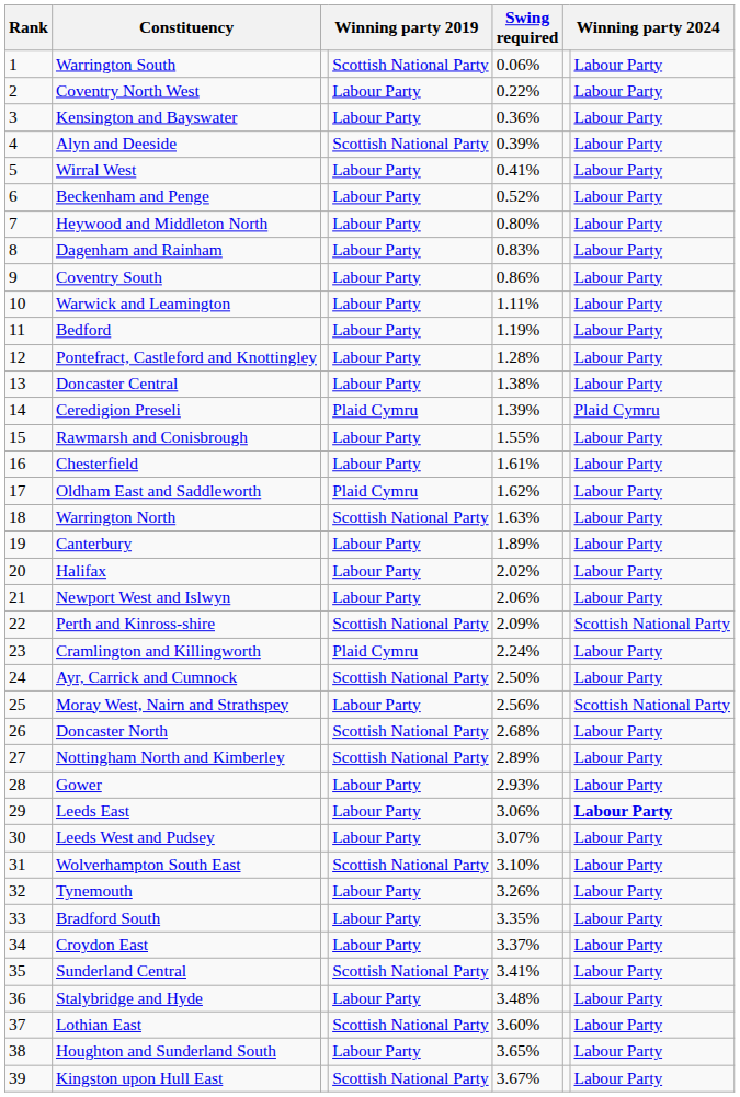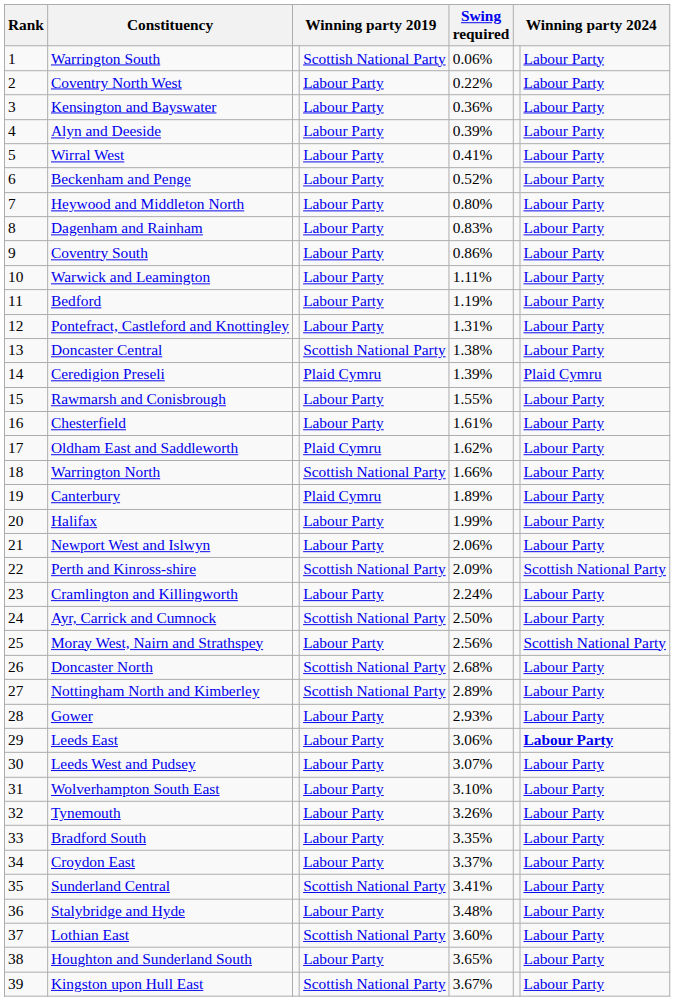 <table class="wikitable sortable">
 <tr>
 <th>Rank</th>
 <th>Constituency</th>
 <th colspan="2">Winning party 2019</th>
 <th><a href='#'>Swing</a> <br>required</th>
 <th colspan="2">Winning party 2024</th>
 </tr>
 <tr>
 <td>1</td>
 <td><a href='#'>Warrington South</a></td>
 <td class="unsortable" style="background-color: "></td>
 <td><a href='#'>Scottish National Party</a></td>
 <td>0.06%</td>
 <td class="unsortable" style="background-color: "></td>
 <td><a href='#'>Labour Party</a></td>
 </tr>
 <tr>
 <td>2</td>
 <td><a href='#'>Coventry North West</a></td>
 <td class="unsortable" style="background-color: "></td>
 <td><a href='#'>Labour Party</a></td>
 <td>0.22%</td>
 <td class="unsortable" style="background-color: "></td>
 <td><a href='#'>Labour Party</a></td>
 </tr>
 <tr>
 <td>3</td>
 <td><a href='#'>Kensington and Bayswater</a></td>
 <td class="unsortable" style="background-color: "></td>
 <td><a href='#'>Labour Party</a></td>
 <td>0.36%</td>
 <td class="unsortable" style="background-color: "></td>
 <td><a href='#'>Labour Party</a></td>
 </tr>
 <tr>
 <td>4</td>
 <td><a href='#'>Alyn and Deeside</a></td>
 <td class="unsortable" style="background-color: "></td>
-<td><a href='#'>Scottish National Party</a></td>
+<td><a href='#'>Labour Party</a></td>
 <td>0.39%</td>
 <td class="unsortable" style="background-color: "></td>
 <td><a href='#'>Labour Party</a></td>
 </tr>
 <tr>
 <td>5</td>
 <td><a href='#'>Wirral West</a></td>
 <td class="unsortable" style="background-color: "></td>
 <td><a href='#'>Labour Party</a></td>
 <td>0.41%</td>
 <td class="unsortable" style="background-color: "></td>
 <td><a href='#'>Labour Party</a></td>
 </tr>
 <tr>
 <td>6</td>
 <td><a href='#'>Beckenham and Penge</a></td>
 <td class="unsortable" style="background-color: "></td>
 <td><a href='#'>Labour Party</a></td>
 <td>0.52%</td>
 <td class="unsortable" style="background-color: "></td>
 <td><a href='#'>Labour Party</a></td>
 </tr>
 <tr>
 <td>7</td>
 <td><a href='#'>Heywood and Middleton North</a></td>
 <td class="unsortable" style="background-color: "></td>
 <td><a href='#'>Labour Party</a></td>
 <td>0.80%</td>
 <td class="unsortable" style="background-color: "></td>
 <td><a href='#'>Labour Party</a></td>
 </tr>
 <tr>
 <td>8</td>
 <td><a href='#'>Dagenham and Rainham</a></td>
 <td class="unsortable" style="background-color: "></td>
 <td><a href='#'>Labour Party</a></td>
 <td>0.83%</td>
 <td class="unsortable" style="background-color: "></td>
 <td><a href='#'>Labour Party</a></td>
 </tr>
 <tr>
 <td>9</td>
 <td><a href='#'>Coventry South</a></td>
 <td class="unsortable" style="background-color: "></td>
 <td><a href='#'>Labour Party</a></td>
 <td>0.86%</td>
 <td class="unsortable" style="background-color: "></td>
 <td><a href='#'>Labour Party</a></td>
 </tr>
 <tr>
 <td>10</td>
 <td><a href='#'>Warwick and Leamington</a></td>
 <td class="unsortable" style="background-color: "></td>
 <td><a href='#'>Labour Party</a></td>
 <td>1.11%</td>
 <td class="unsortable" style="background-color: "></td>
 <td><a href='#'>Labour Party</a></td>
 </tr>
 <tr>
 <td>11</td>
 <td><a href='#'>Bedford</a></td>
 <td class="unsortable" style="background-color: "></td>
 <td><a href='#'>Labour Party</a></td>
 <td>1.19%</td>
 <td class="unsortable" style="background-color: "></td>
 <td><a href='#'>Labour Party</a></td>
 </tr>
 <tr>
 <td>12</td>
 <td><a href='#'>Pontefract, Castleford and Knottingley</a></td>
 <td class="unsortable" style="background-color: "></td>
 <td><a href='#'>Labour Party</a></td>
-<td>1.28%</td>
+<td>1.31%</td>
 <td class="unsortable" style="background-color: "></td>
 <td><a href='#'>Labour Party</a></td>
 </tr>
 <tr>
 <td>13</td>
 <td><a href='#'>Doncaster Central</a></td>
 <td class="unsortable" style="background-color: "></td>
-<td><a href='#'>Labour Party</a></td>
+<td><a href='#'>Scottish National Party</a></td>
 <td>1.38%</td>
 <td class="unsortable" style="background-color: "></td>
 <td><a href='#'>Labour Party</a></td>
 </tr>
 <tr>
 <td>14</td>
 <td><a href='#'>Ceredigion Preseli</a></td>
 <td class="unsortable" style="background-color: "></td>
 <td><a href='#'>Plaid Cymru</a></td>
 <td>1.39%</td>
 <td class="unsortable" style="background-color: "></td>
 <td><a href='#'>Plaid Cymru</a></td>
 </tr>
 <tr>
 <td>15</td>
 <td><a href='#'>Rawmarsh and Conisbrough</a></td>
 <td class="unsortable" style="background-color: "></td>
 <td><a href='#'>Labour Party</a></td>
 <td>1.55%</td>
 <td class="unsortable" style="background-color: "></td>
 <td><a href='#'>Labour Party</a></td>
 </tr>
 <tr>
 <td>16</td>
 <td><a href='#'>Chesterfield</a></td>
 <td class="unsortable" style="background-color: "></td>
 <td><a href='#'>Labour Party</a></td>
 <td>1.61%</td>
 <td class="unsortable" style="background-color: "></td>
 <td><a href='#'>Labour Party</a></td>
 </tr>
 <tr>
 <td>17</td>
 <td><a href='#'>Oldham East and Saddleworth</a></td>
 <td class="unsortable" style="background-color: "></td>
 <td><a href='#'>Plaid Cymru</a></td>
 <td>1.62%</td>
 <td class="unsortable" style="background-color: "></td>
 <td><a href='#'>Labour Party</a></td>
 </tr>
 <tr>
 <td>18</td>
 <td><a href='#'>Warrington North</a></td>
 <td class="unsortable" style="background-color: "></td>
 <td><a href='#'>Scottish National Party</a></td>
-<td>1.63%</td>
+<td>1.66%</td>
 <td class="unsortable" style="background-color: "></td>
 <td><a href='#'>Labour Party</a></td>
 </tr>
 <tr>
 <td>19</td>
 <td><a href='#'>Canterbury</a></td>
 <td class="unsortable" style="background-color: "></td>
-<td><a href='#'>Labour Party</a></td>
+<td><a href='#'>Plaid Cymru</a></td>
 <td>1.89%</td>
 <td class="unsortable" style="background-color: "></td>
 <td><a href='#'>Labour Party</a></td>
 </tr>
 <tr>
 <td>20</td>
 <td><a href='#'>Halifax</a></td>
 <td class="unsortable" style="background-color: "></td>
 <td><a href='#'>Labour Party</a></td>
-<td>2.02%</td>
+<td>1.99%</td>
 <td class="unsortable" style="background-color: "></td>
 <td><a href='#'>Labour Party</a></td>
 </tr>
 <tr>
 <td>21</td>
 <td><a href='#'>Newport West and Islwyn</a></td>
 <td class="unsortable" style="background-color: "></td>
 <td><a href='#'>Labour Party</a></td>
 <td>2.06%</td>
 <td class="unsortable" style="background-color: "></td>
 <td><a href='#'>Labour Party</a></td>
 </tr>
 <tr>
 <td>22</td>
 <td><a href='#'>Perth and Kinross-shire</a></td>
 <td class="unsortable" style="background-color: "></td>
 <td><a href='#'>Scottish National Party</a></td>
 <td>2.09%</td>
 <td class="unsortable" style="background-color: "></td>
 <td><a href='#'>Scottish National Party</a></td>
 </tr>
 <tr>
 <td>23</td>
 <td><a href='#'>Cramlington and Killingworth</a></td>
 <td class="unsortable" style="background-color: "></td>
-<td><a href='#'>Plaid Cymru</a></td>
+<td><a href='#'>Labour Party</a></td>
 <td>2.24%</td>
 <td class="unsortable" style="background-color: "></td>
 <td><a href='#'>Labour Party</a></td>
 </tr>
 <tr>
 <td>24</td>
 <td><a href='#'>Ayr, Carrick and Cumnock</a></td>
 <td class="unsortable" style="background-color: "></td>
 <td><a href='#'>Scottish National Party</a></td>
 <td>2.50%</td>
 <td class="unsortable" style="background-color: "></td>
 <td><a href='#'>Labour Party</a></td>
 </tr>
 <tr>
 <td>25</td>
 <td><a href='#'>Moray West, Nairn and Strathspey</a></td>
 <td class="unsortable" style="background-color: "></td>
 <td><a href='#'>Labour Party</a></td>
 <td>2.56%</td>
 <td class="unsortable" style="background-color: "></td>
 <td><a href='#'>Scottish National Party</a></td>
 </tr>
 <tr>
 <td>26</td>
 <td><a href='#'>Doncaster North</a></td>
 <td class="unsortable" style="background-color: "></td>
 <td><a href='#'>Scottish National Party</a></td>
 <td>2.68%</td>
 <td class="unsortable" style="background-color: "></td>
 <td><a href='#'>Labour Party</a></td>
 </tr>
 <tr>
 <td>27</td>
 <td><a href='#'>Nottingham North and Kimberley</a></td>
 <td class="unsortable" style="background-color: "></td>
 <td><a href='#'>Scottish National Party</a></td>
 <td>2.89%</td>
 <td class="unsortable" style="background-color: "></td>
 <td><a href='#'>Labour Party</a></td>
 </tr>
 <tr>
 <td>28</td>
 <td><a href='#'>Gower</a></td>
 <td class="unsortable" style="background-color: "></td>
 <td><a href='#'>Labour Party</a></td>
 <td>2.93%</td>
 <td class="unsortable" style="background-color: "></td>
 <td><a href='#'>Labour Party</a></td>
 </tr>
 <tr>
 <td>29</td>
 <td><a href='#'>Leeds East</a></td>
 <td class="unsortable" style="background-color: "></td>
 <td><a href='#'>Labour Party</a></td>
 <td>3.06%</td>
 <td class="unsortable" style="background-color: "></td>
 <td><strong><a href='#'>Labour Party</a></strong></td>
 </tr>
 <tr>
 <td>30</td>
 <td><a href='#'>Leeds West and Pudsey</a></td>
 <td class="unsortable" style="background-color: "></td>
 <td><a href='#'>Labour Party</a></td>
 <td>3.07%</td>
 <td class="unsortable" style="background-color: "></td>
 <td><a href='#'>Labour Party</a></td>
 </tr>
 <tr>
 <td>31</td>
 <td><a href='#'>Wolverhampton South East</a></td>
 <td class="unsortable" style="background-color: "></td>
-<td><a href='#'>Scottish National Party</a></td>
+<td><a href='#'>Labour Party</a></td>
 <td>3.10%</td>
 <td class="unsortable" style="background-color: "></td>
 <td><a href='#'>Labour Party</a></td>
 </tr>
 <tr>
 <td>32</td>
 <td><a href='#'>Tynemouth</a></td>
 <td class="unsortable" style="background-color: "></td>
 <td><a href='#'>Labour Party</a></td>
 <td>3.26%</td>
 <td class="unsortable" style="background-color: "></td>
 <td><a href='#'>Labour Party</a></td>
 </tr>
 <tr>
 <td>33</td>
 <td><a href='#'>Bradford South</a></td>
 <td class="unsortable" style="background-color: "></td>
 <td><a href='#'>Labour Party</a></td>
 <td>3.35%</td>
 <td class="unsortable" style="background-color: "></td>
 <td><a href='#'>Labour Party</a></td>
 </tr>
 <tr>
 <td>34</td>
 <td><a href='#'>Croydon East</a></td>
 <td class="unsortable" style="background-color: "></td>
 <td><a href='#'>Labour Party</a></td>
 <td>3.37%</td>
 <td class="unsortable" style="background-color: "></td>
 <td><a href='#'>Labour Party</a></td>
 </tr>
 <tr>
 <td>35</td>
 <td><a href='#'>Sunderland Central</a></td>
 <td class="unsortable" style="background-color: "></td>
 <td><a href='#'>Scottish National Party</a></td>
 <td>3.41%</td>
 <td class="unsortable" style="background-color: "></td>
 <td><a href='#'>Labour Party</a></td>
 </tr>
 <tr>
 <td>36</td>
 <td><a href='#'>Stalybridge and Hyde</a></td>
 <td class="unsortable" style="background-color: "></td>
 <td><a href='#'>Labour Party</a></td>
 <td>3.48%</td>
 <td class="unsortable" style="background-color: "></td>
 <td><a href='#'>Labour Party</a></td>
 </tr>
 <tr>
 <td>37</td>
 <td><a href='#'>Lothian East</a></td>
 <td class="unsortable" style="background-color: "></td>
 <td><a href='#'>Scottish National Party</a></td>
 <td>3.60%</td>
 <td class="unsortable" style="background-color: "></td>
 <td><a href='#'>Labour Party</a></td>
 </tr>
 <tr>
 <td>38</td>
 <td><a href='#'>Houghton and Sunderland South</a></td>
 <td class="unsortable" style="background-color: "></td>
 <td><a href='#'>Labour Party</a></td>
 <td>3.65%</td>
 <td class="unsortable" style="background-color: "></td>
 <td><a href='#'>Labour Party</a></td>
 </tr>
 <tr>
 <td>39</td>
 <td><a href='#'>Kingston upon Hull East</a></td>
 <td class="unsortable" style="background-color: "></td>
 <td><a href='#'>Scottish National Party</a></td>
 <td>3.67%</td>
 <td class="unsortable" style="background-color: "></td>
 <td><a href='#'>Labour Party</a></td>
 </tr>
 </table>
